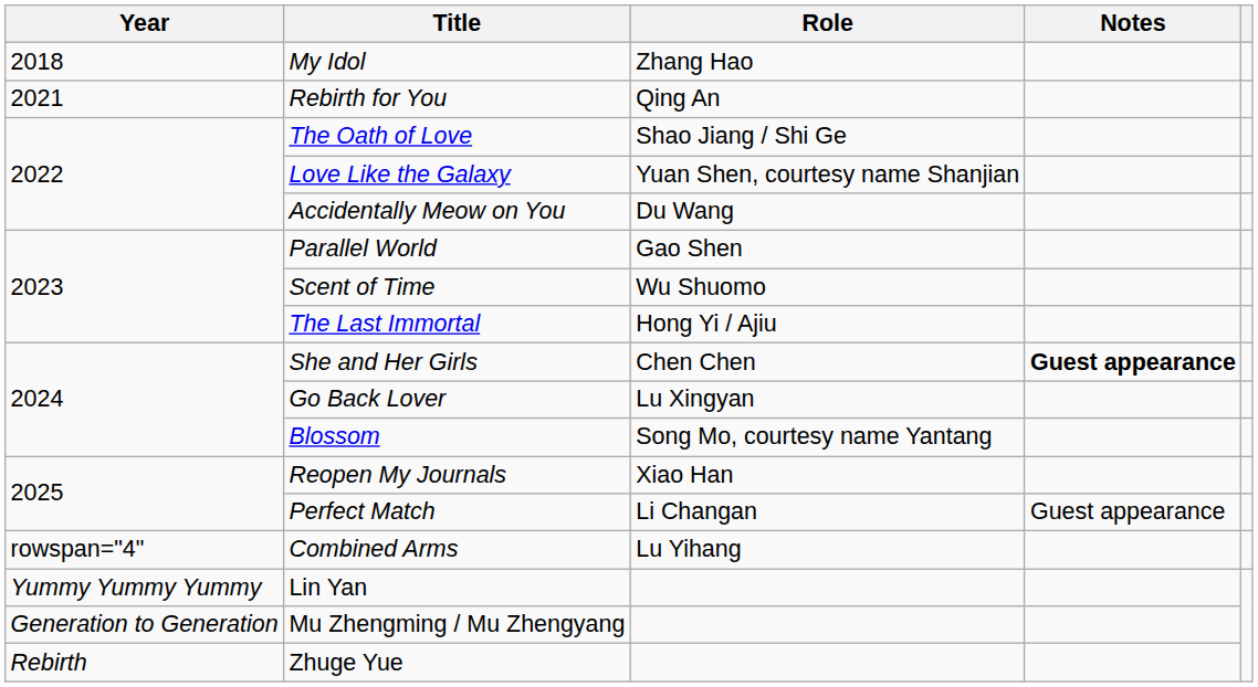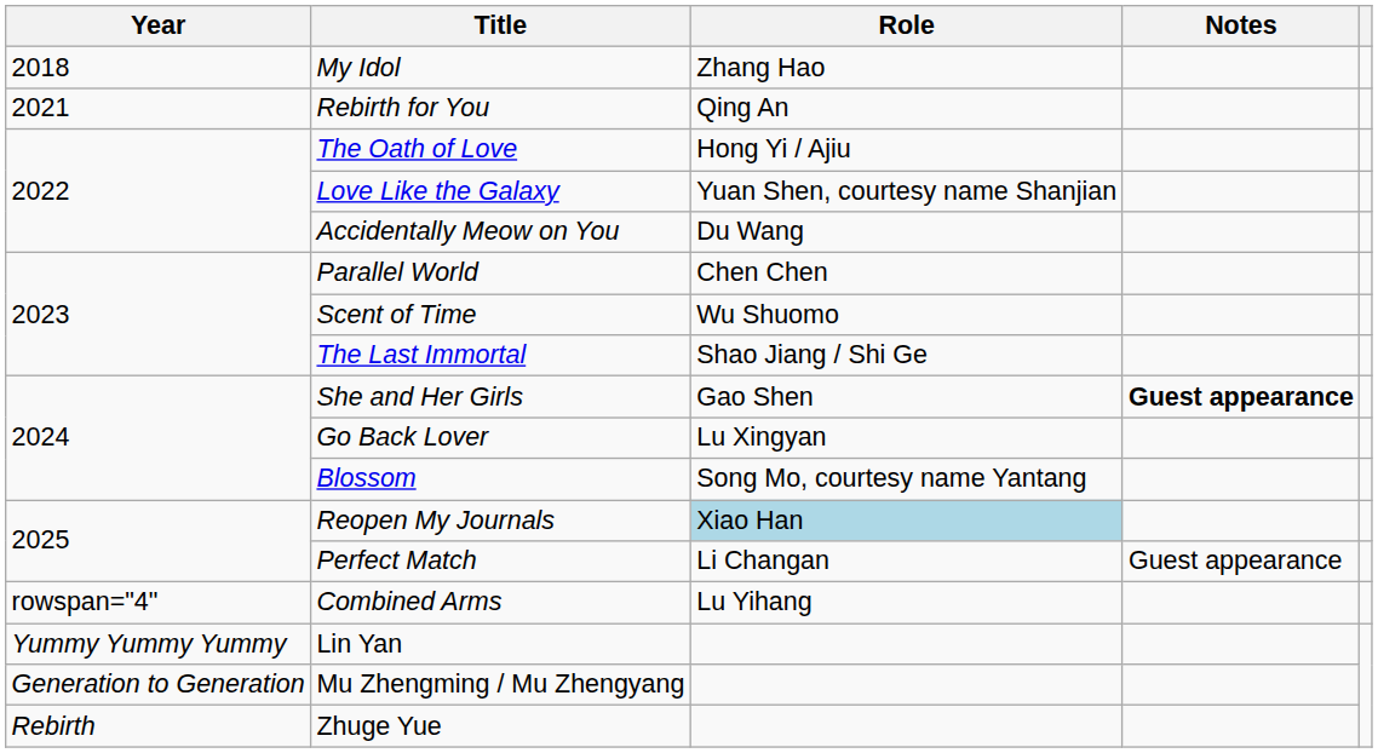 <table class="wikitable sortable plainrowheaders">
 <tr>
 <th scope="col">Year</th>
 <th scope="col">Title</th>
 <th scope="col">Role</th>
 <th scope="col">Notes</th>
 <th scope="col" class="unsortable"></th>
 </tr>
 <tr>
 <td>2018</td>
 <td><em>My Idol</em></td>
 <td>Zhang Hao</td>
 <td></td>
 <td></td>
 </tr>
 <tr>
 <td>2021</td>
 <td><em>Rebirth for You</em></td>
 <td>Qing An</td>
 <td></td>
 <td></td>
 </tr>
 <tr>
 <td rowspan="3">2022</td>
 <td><em><a href='#'>The Oath of Love</a></em></td>
-<td>Shao Jiang / Shi Ge</td>
+<td>Hong Yi / Ajiu</td>
 <td></td>
 <td></td>
 </tr>
 <tr>
 <td><em><a href='#'>Love Like the Galaxy</a></em></td>
 <td>Yuan Shen, courtesy name Shanjian</td>
 <td></td>
 <td></td>
 </tr>
 <tr>
 <td><em>Accidentally Meow on You</em></td>
 <td>Du Wang</td>
 <td></td>
 <td></td>
 </tr>
 <tr>
 <td rowspan="3">2023</td>
 <td><em>Parallel World</em></td>
-<td>Gao Shen</td>
+<td>Chen Chen</td>
 <td></td>
 <td></td>
 </tr>
 <tr>
 <td><em>Scent of Time</em></td>
 <td>Wu Shuomo</td>
 <td></td>
 <td></td>
 </tr>
 <tr>
 <td><em><a href='#'>The Last Immortal</a></em></td>
-<td>Hong Yi / Ajiu</td>
+<td>Shao Jiang / Shi Ge</td>
 <td></td>
 <td></td>
 </tr>
 <tr>
 <td rowspan="3">2024</td>
 <td><em>She and Her Girls</em></td>
-<td>Chen Chen</td>
+<td>Gao Shen</td>
 <td><strong>Guest appearance</strong></td>
 <td></td>
 </tr>
 <tr>
 <td><em>Go Back Lover</em></td>
 <td>Lu Xingyan</td>
 <td></td>
 <td></td>
 </tr>
 <tr>
 <td><em><a href='#'>Blossom</a></em></td>
 <td>Song Mo, courtesy name Yantang</td>
 <td></td>
 <td></td>
 </tr>
 <tr>
 <td rowspan="2">2025</td>
 <td><em>Reopen My Journals</em></td>
-<td>Xiao Han</td>
+<td style="background: lightblue;">Xiao Han</td>
 <td></td>
 <td></td>
 </tr>
 <tr>
 <td><em>Perfect Match</em></td>
 <td>Li Changan</td>
 <td>Guest appearance</td>
 <td></td>
 </tr>
 <tr>
 <td>rowspan="4" </td>
 <td><em>Combined Arms</em></td>
 <td>Lu Yihang</td>
 <td></td>
 <td></td>
 </tr>
 <tr>
 <td><em>Yummy Yummy Yummy</em></td>
 <td>Lin Yan</td>
 <td></td>
 <td></td>
 </tr>
 <tr>
 <td><em>Generation to Generation</em></td>
 <td>Mu Zhengming / Mu Zhengyang</td>
 <td></td>
 <td></td>
 </tr>
 <tr>
 <td><em>Rebirth</em></td>
 <td>Zhuge Yue</td>
 <td></td>
 <td></td>
 </tr>
 </table>
